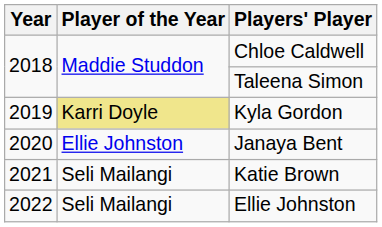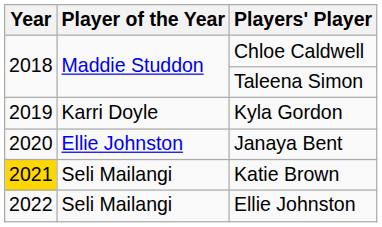 <table class="wikitable">
 <tr>
 <th>Year</th>
 <th>Player of the Year</th>
 <th>Players' Player</th>
 </tr>
 <tr>
 <td rowspan="2">2018</td>
 <td rowspan="2"><a href='#'>Maddie Studdon</a></td>
 <td>Chloe Caldwell</td>
 </tr>
 <tr>
 <td>Taleena Simon</td>
 </tr>
 <tr>
 <td>2019</td>
-<td style="background: khaki;">Karri Doyle</td>
+<td>Karri Doyle</td>
 <td>Kyla Gordon</td>
 </tr>
 <tr>
 <td>2020</td>
 <td><a href='#'>Ellie Johnston</a></td>
 <td>Janaya Bent</td>
 </tr>
 <tr>
-<td>2021</td>
+<td style="background: gold;">2021</td>
 <td>Seli Mailangi</td>
 <td>Katie Brown</td>
 </tr>
 <tr>
 <td>2022</td>
 <td>Seli Mailangi</td>
 <td>Ellie Johnston</td>
 </tr>
 </table>
